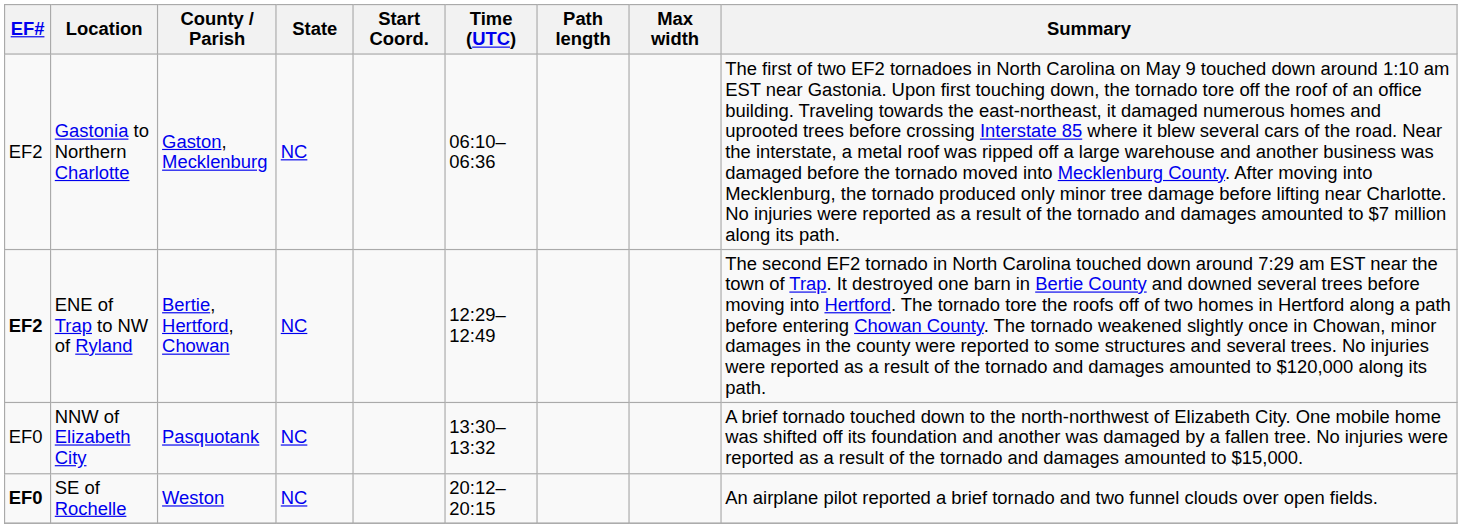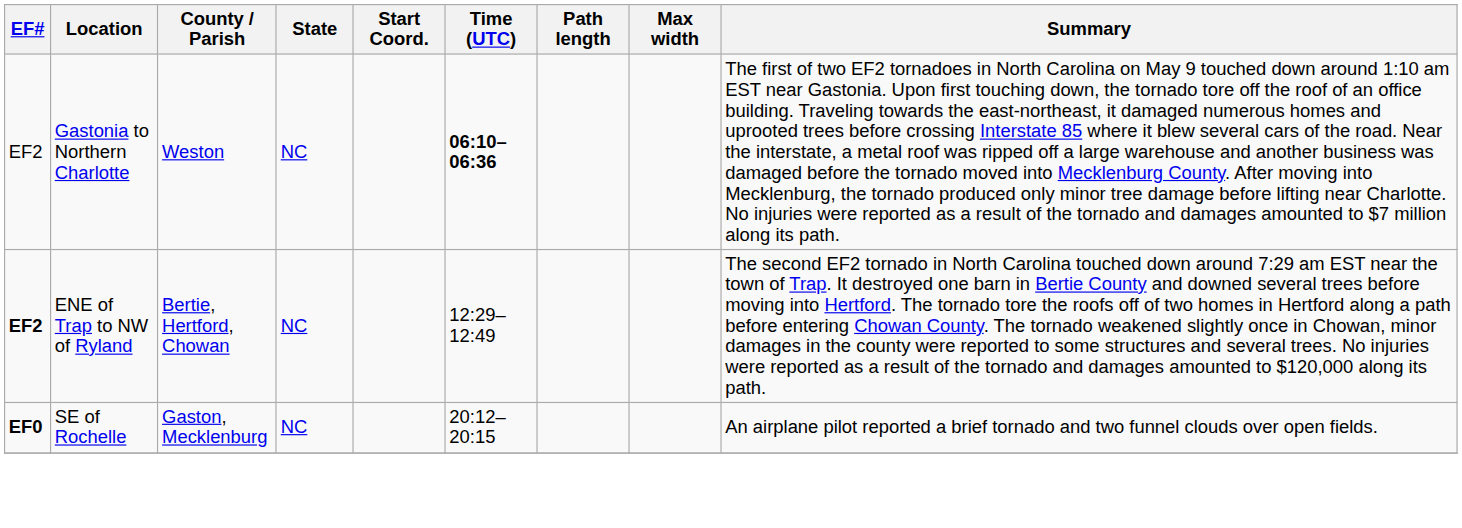 <table class="wikitable sortable" style="width:100%;">
 <tr>
 <th scope="col" width="3%" align="center"><a href='#'>EF#</a></th>
 <th scope="col" width="7%" align="center" class="unsortable">Location</th>
 <th scope="col" width="6%" align="center" class="unsortable">County / Parish</th>
 <th scope="col" width="5%" align="center">State</th>
 <th scope="col" width="6%" align="center">Start Coord.</th>
 <th scope="col" width="6%" align="center">Time (<a href='#'>UTC</a>)</th>
 <th scope="col" width="6%" align="center">Path length</th>
 <th scope="col" width="6%" align="center">Max width</th>
 <th scope="col" width="48%" class="unsortable" align="center">Summary</th>
 </tr>
 <tr>
 <td>EF2</td>
 <td><a href='#'>Gastonia</a> to Northern <a href='#'>Charlotte</a></td>
-<td><a href='#'>Gaston</a>, <a href='#'>Mecklenburg</a></td>
+<td><a href='#'>Weston</a></td>
 <td><a href='#'>NC</a></td>
 <td></td>
-<td>06:10–06:36</td>
+<td><strong>06:10–06:36</strong></td>
 <td></td>
 <td></td>
 <td>The first of two EF2 tornadoes in North Carolina on May 9 touched down around 1:10 am EST near Gastonia. Upon first touching down, the tornado tore off the roof of an office building. Traveling towards the east-northeast, it damaged numerous homes and uprooted trees before crossing <a href='#'>Interstate 85</a> where it blew several cars of the road. Near the interstate, a metal roof was ripped off a large warehouse and another business was damaged before the tornado moved into <a href='#'>Mecklenburg County</a>. After moving into Mecklenburg, the tornado produced only minor tree damage before lifting near Charlotte. No injuries were reported as a result of the tornado and damages amounted to $7 million along its  path.</td>
 </tr>
 <tr>
 <td><strong>EF2</strong></td>
 <td>ENE of <a href='#'>Trap</a> to NW of <a href='#'>Ryland</a></td>
 <td><a href='#'>Bertie</a>, <a href='#'>Hertford</a>, <a href='#'>Chowan</a></td>
 <td><a href='#'>NC</a></td>
 <td></td>
 <td>12:29–12:49</td>
 <td></td>
 <td></td>
 <td>The second EF2 tornado in North Carolina touched down around 7:29 am EST near the town of <a href='#'>Trap</a>. It destroyed one barn in <a href='#'>Bertie County</a> and downed several trees before moving into <a href='#'>Hertford</a>. The tornado tore the roofs off of two homes in Hertford along a  path before entering <a href='#'>Chowan County</a>. The tornado weakened slightly once in Chowan, minor damages in the county were reported to some structures and several trees. No injuries were reported as a result of the tornado and damages amounted to $120,000 along its  path.</td>
 </tr>
 <tr>
-<td>EF0</td>
-<td>NNW of <a href='#'>Elizabeth City</a></td>
-<td><a href='#'>Pasquotank</a></td>
-<td><a href='#'>NC</a></td>
-<td></td>
-<td>13:30–13:32</td>
-<td></td>
-<td></td>
-<td>A brief tornado touched down to the north-northwest of Elizabeth City. One mobile home was shifted off its foundation and another was damaged by a fallen tree. No injuries were reported as a result of the tornado and damages amounted to $15,000.</td>
-</tr>
-<tr>
 <td><strong>EF0</strong></td>
 <td>SE of <a href='#'>Rochelle</a></td>
-<td><a href='#'>Weston</a></td>
+<td><a href='#'>Gaston</a>, <a href='#'>Mecklenburg</a></td>
 <td><a href='#'>NC</a></td>
 <td></td>
 <td>20:12–20:15</td>
 <td></td>
 <td></td>
 <td>An airplane pilot reported a brief tornado and two funnel clouds over open fields.</td>
 </tr>
 <tr>
 </tr>
 </table>
